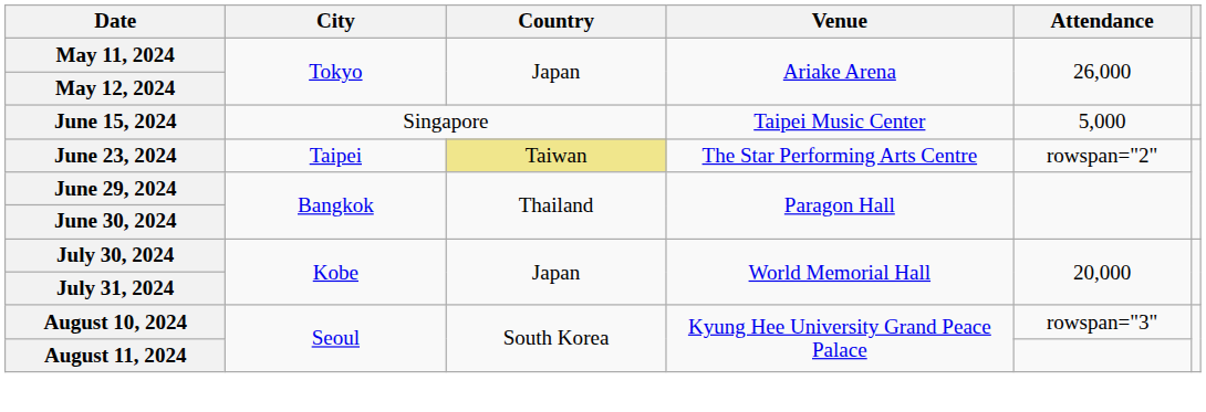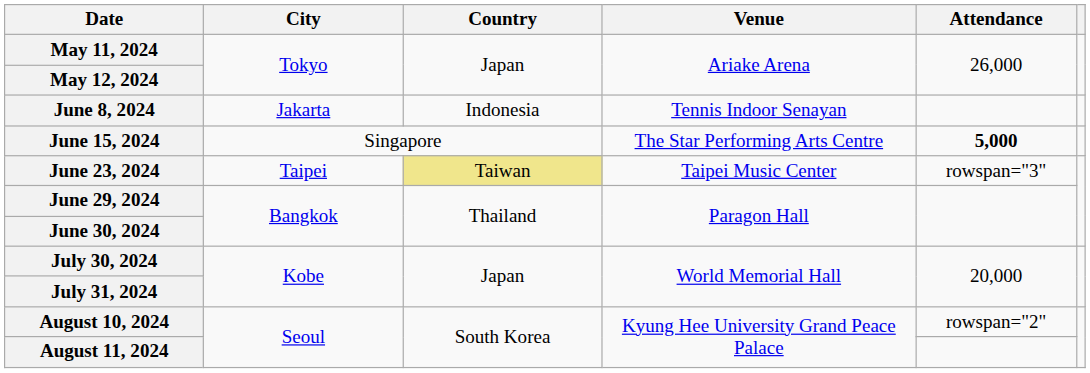 <table class="wikitable plainrowheaders" style="text-align:center">
 <tr>
 <th scope="col" style="width:10em">Date</th>
 <th scope="col" style="width:10em">City</th>
 <th scope="col" style="width:10em">Country</th>
 <th scope="col" style="width:16em">Venue</th>
 <th scope="col" style="width:8em">Attendance</th>
 <th scope="col" class="unsortable"></th>
 </tr>
 <tr>
 <th scope="row" style="text-align:center">May 11, 2024</th>
 <td rowspan="2"><a href='#'>Tokyo</a></td>
 <td rowspan="2">Japan</td>
 <td rowspan="2"><a href='#'>Ariake Arena</a></td>
 <td rowspan="2">26,000</td>
 <td rowspan="2"></td>
 </tr>
 <tr>
 <th scope="row" style="text-align:center">May 12, 2024</th>
 </tr>
 <tr>
+<th scope="row" style="text-align:center">June 8, 2024</th>
+<td><a href='#'>Jakarta</a></td>
+<td>Indonesia</td>
+<td><a href='#'>Tennis Indoor Senayan</a></td>
+<td></td>
+<td></td>
+</tr>
+<tr>
 <th scope="row" style="text-align:center">June 15, 2024</th>
 <td colspan="2">Singapore</td>
-<td><a href='#'>Taipei Music Center</a></td>
-<td>5,000</td>
+<td><a href='#'>The Star Performing Arts Centre</a></td>
+<td><strong>5,000</strong></td>
 <td></td>
 </tr>
 <tr>
 <th scope="row" style="text-align:center">June 23, 2024</th>
 <td><a href='#'>Taipei</a></td>
 <td style="background: khaki;">Taiwan</td>
-<td><a href='#'>The Star Performing Arts Centre</a></td>
-<td>rowspan="2" </td>
+<td><a href='#'>Taipei Music Center</a></td>
+<td>rowspan="3" </td>
 <td rowspan="3"></td>
 </tr>
 <tr>
 <th scope="row" style="text-align:center">June 29, 2024</th>
 <td rowspan="2"><a href='#'>Bangkok</a></td>
 <td rowspan="2">Thailand</td>
 <td rowspan="2"><a href='#'>Paragon Hall</a></td>
 </tr>
 <tr>
 <th scope="row" style="text-align:center">June 30, 2024</th>
 </tr>
 <tr>
 <th scope="row" style="text-align:center">July 30, 2024</th>
 <td rowspan="2"><a href='#'>Kobe</a></td>
 <td rowspan="2">Japan</td>
 <td rowspan="2"><a href='#'>World Memorial Hall</a></td>
 <td rowspan="2">20,000</td>
 <td rowspan="2"></td>
 </tr>
 <tr>
 <th scope="row" style="text-align:center">July 31, 2024</th>
 </tr>
 <tr>
 <th scope="row" style="text-align:center">August 10, 2024</th>
 <td rowspan="2"><a href='#'>Seoul</a></td>
 <td rowspan="2">South Korea</td>
 <td rowspan="2"><a href='#'>Kyung Hee University Grand Peace Palace</a></td>
-<td>rowspan="3" </td>
+<td>rowspan="2" </td>
 <td rowspan="2"></td>
 </tr>
 <tr>
 <th scope="row" style="text-align:center">August 11, 2024</th>
 </tr>
 </table>
